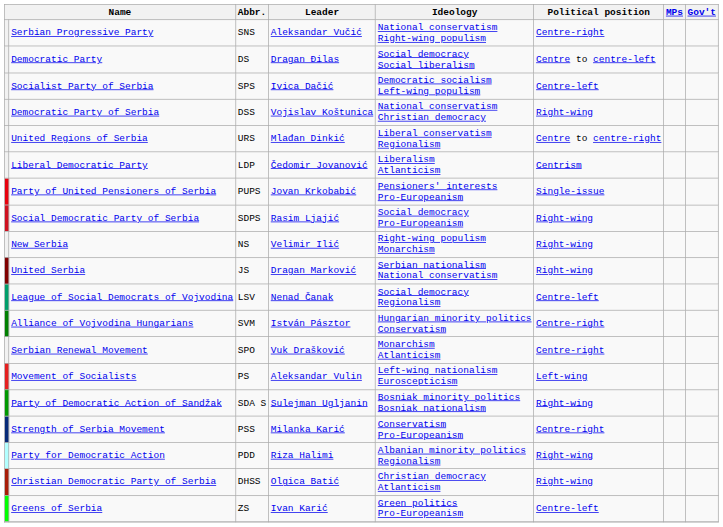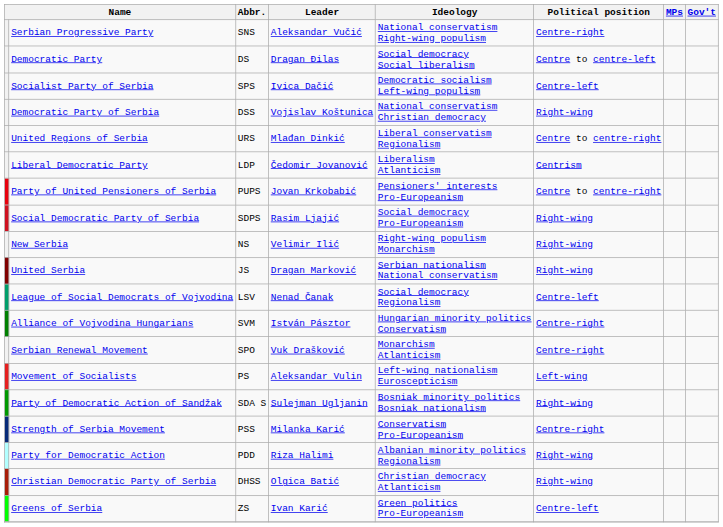 <table class="wikitable">
 <tr>
 <th colspan=2>Name</th>
 <th>Abbr.</th>
 <th>Leader</th>
 <th>Ideology</th>
 <th>Political position</th>
 <th><a href='#'>MPs</a></th>
 <th><a href='#'>Gov′t</a></th>
 </tr>
 <tr>
 <th style="background-color: "></th>
 <td><a href='#'>Serbian Progressive Party</a><br><small><em></em></small></td>
 <td>SNS</td>
 <td><a href='#'>Aleksandar Vučić</a></td>
 <td><a href='#'>National conservatism</a><br><a href='#'>Right-wing populism</a></td>
 <td><a href='#'>Centre-right</a></td>
 <td></td>
 <td></td>
 </tr>
 <tr>
 <th style="background-color: "></th>
 <td><a href='#'>Democratic Party</a><br><small><em></em></small></td>
 <td>DS</td>
 <td><a href='#'>Dragan Đilas</a></td>
 <td><a href='#'>Social democracy</a><br><a href='#'>Social liberalism</a></td>
 <td><a href='#'>Centre</a> to <a href='#'>centre-left</a></td>
 <td></td>
 <td></td>
 </tr>
 <tr>
 <th style="background-color: "></th>
 <td><a href='#'>Socialist Party of Serbia</a><br><small><em></em></small></td>
 <td>SPS</td>
 <td><a href='#'>Ivica Dačić</a></td>
 <td><a href='#'>Democratic socialism</a><br><a href='#'>Left-wing populism</a></td>
 <td><a href='#'>Centre-left</a></td>
 <td></td>
 <td></td>
 </tr>
 <tr>
 <th style="background-color: "></th>
 <td><a href='#'>Democratic Party of Serbia</a><br><small><em></em></small></td>
 <td>DSS</td>
 <td><a href='#'>Vojislav Koštunica</a></td>
 <td><a href='#'>National conservatism</a><br><a href='#'>Christian democracy</a></td>
 <td><a href='#'>Right-wing</a></td>
 <td></td>
 <td></td>
 </tr>
 <tr>
 <th style="background-color: "></th>
 <td><a href='#'>United Regions of Serbia</a><br><small><em></em></small></td>
 <td>URS</td>
 <td><a href='#'>Mlađan Dinkić</a></td>
 <td><a href='#'>Liberal conservatism</a><br><a href='#'>Regionalism</a></td>
 <td><a href='#'>Centre</a> to <a href='#'>centre-right</a></td>
 <td></td>
 <td></td>
 </tr>
 <tr>
 <th style="background-color: "></th>
 <td><a href='#'>Liberal Democratic Party</a><br><small><em></em></small></td>
 <td>LDP</td>
 <td><a href='#'>Čedomir Jovanović</a></td>
 <td><a href='#'>Liberalism</a><br><a href='#'>Atlanticism</a></td>
 <td><a href='#'>Centrism</a></td>
 <td></td>
 <td></td>
 </tr>
 <tr>
 <th style="background-color: #E8000D"></th>
 <td><a href='#'>Party of United Pensioners of Serbia</a><br><small><em></em></small></td>
 <td>PUPS</td>
 <td><a href='#'>Jovan Krkobabić</a></td>
 <td><a href='#'>Pensioners' interests</a><br><a href='#'>Pro-Europeanism</a></td>
-<td><a href='#'>Single-issue</a></td>
+<td><a href='#'>Centre</a> to <a href='#'>centre-right</a></td>
 <td></td>
 <td></td>
 </tr>
 <tr>
 <th style="background-color: #CF1020"></th>
 <td><a href='#'>Social Democratic Party of Serbia</a><br><small><em></em></small></td>
 <td>SDPS</td>
 <td><a href='#'>Rasim Ljajić</a></td>
 <td><a href='#'>Social democracy</a><br><a href='#'>Pro-Europeanism</a></td>
 <td><a href='#'>Right-wing</a></td>
 <td></td>
 <td></td>
 </tr>
 <tr>
 <th style="background-color: "></th>
 <td><a href='#'>New Serbia</a><br><small><em></em></small></td>
 <td>NS</td>
 <td><a href='#'>Velimir Ilić</a></td>
 <td><a href='#'>Right-wing populism</a><br><a href='#'>Monarchism</a></td>
 <td><a href='#'>Right-wing</a></td>
 <td></td>
 <td></td>
 </tr>
 <tr>
 <th style="background-color: #800000"></th>
 <td><a href='#'>United Serbia</a><br><small><em></em></small></td>
 <td>JS</td>
 <td><a href='#'>Dragan Marković</a></td>
 <td><a href='#'>Serbian nationalism</a><br><a href='#'>National conservatism</a></td>
 <td><a href='#'>Right-wing</a></td>
 <td></td>
 <td></td>
 </tr>
 <tr>
 <th style="background-color: #009F6B"></th>
 <td><a href='#'>League of Social Democrats of Vojvodina</a><br><small><em></em></small></td>
 <td>LSV</td>
 <td><a href='#'>Nenad Čanak</a></td>
 <td><a href='#'>Social democracy</a><br><a href='#'>Regionalism</a></td>
 <td><a href='#'>Centre-left</a></td>
 <td></td>
 <td></td>
 </tr>
 <tr>
 <th style="background-color: #008000"></th>
 <td><a href='#'>Alliance of Vojvodina Hungarians</a><br><small><em></em></small></td>
 <td>SVM</td>
 <td><a href='#'>István Pásztor</a></td>
 <td><a href='#'>Hungarian minority politics</a><br><a href='#'>Conservatism</a></td>
 <td><a href='#'>Centre-right</a></td>
 <td></td>
 <td></td>
 </tr>
 <tr>
 <th style="background-color: "></th>
 <td><a href='#'>Serbian Renewal Movement</a><br><small><em></em></small></td>
 <td>SPO</td>
 <td><a href='#'>Vuk Drašković</a></td>
 <td><a href='#'>Monarchism</a><br><a href='#'>Atlanticism</a></td>
 <td><a href='#'>Centre-right</a></td>
 <td></td>
 <td></td>
 </tr>
 <tr>
 <th style="background-color: #E62020"></th>
 <td><a href='#'>Movement of Socialists</a><br><small><em></em></small></td>
 <td>PS</td>
 <td><a href='#'>Aleksandar Vulin</a></td>
 <td><a href='#'>Left-wing nationalism</a><br><a href='#'>Euroscepticism</a></td>
 <td><a href='#'>Left-wing</a></td>
 <td></td>
 <td></td>
 </tr>
 <tr>
 <th style="background-color: #009900"></th>
 <td><a href='#'>Party of Democratic Action of Sandžak</a><br><small><em></em></small></td>
 <td>SDA S</td>
 <td><a href='#'>Sulejman Ugljanin</a></td>
 <td><a href='#'>Bosniak minority politics</a><br><a href='#'>Bosniak nationalism</a></td>
 <td><a href='#'>Right-wing</a></td>
 <td></td>
 <td></td>
 </tr>
 <tr>
 <th style="background-color: #062A78"></th>
 <td><a href='#'>Strength of Serbia Movement</a><br><small><em></em></small></td>
 <td>PSS</td>
 <td><a href='#'>Milanka Karić</a></td>
 <td><a href='#'>Conservatism</a><br><a href='#'>Pro-Europeanism</a></td>
 <td><a href='#'>Centre-right</a></td>
 <td></td>
 <td></td>
 </tr>
 <tr>
 <th style="background-color: #B2FFFF"></th>
 <td><a href='#'>Party for Democratic Action</a><br><small><em></em></small></td>
 <td>PDD</td>
 <td><a href='#'>Riza Halimi</a></td>
 <td><a href='#'>Albanian minority politics</a><br><a href='#'>Regionalism</a></td>
 <td><a href='#'>Right-wing</a></td>
 <td></td>
 <td></td>
 </tr>
 <tr>
 <th style="background-color:  #A81C07"></th>
 <td><a href='#'>Christian Democratic Party of Serbia</a><br><small><em></em></small></td>
 <td>DHSS</td>
 <td><a href='#'>Olgica Batić</a></td>
 <td><a href='#'>Christian democracy</a><br><a href='#'>Atlanticism</a></td>
 <td><a href='#'>Right-wing</a></td>
 <td></td>
 <td></td>
 </tr>
 <tr>
 <th style="background-color:  #00FF00"></th>
 <td><a href='#'>Greens of Serbia</a><br><small><em></em></small></td>
 <td>ZS</td>
 <td><a href='#'>Ivan Karić</a></td>
 <td><a href='#'>Green politics</a><br><a href='#'>Pro-Europeanism</a></td>
 <td><a href='#'>Centre-left</a></td>
 <td></td>
 <td></td>
 </tr>
 <tr>
 </tr>
 </table>
